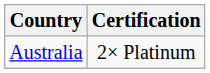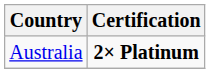 <table class="wikitable">
 <tr>
 <th style="text-align:center;">Country</th>
 <th style="text-align:center;">Certification</th>
 </tr>
 <tr>
 <td style="text-align:center;"><a href='#'>Australia</a></td>
-<td style="text-align:center;">2× Platinum</td>
+<td style="text-align:center;"><strong>2× Platinum</strong></td>
 </tr>
 <tr>
 </tr>
 </table>
